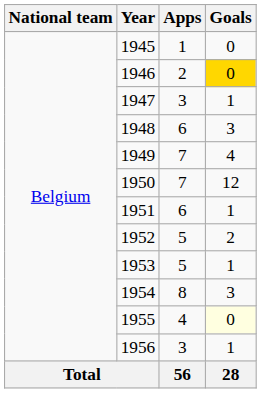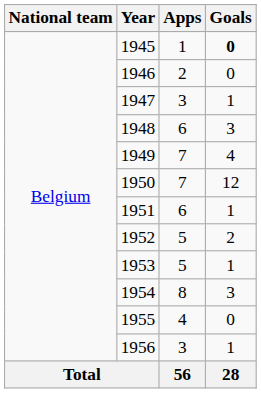 <table class="wikitable" style="text-align:center">
 <tr>
 <th>National team</th>
 <th>Year</th>
 <th>Apps</th>
 <th>Goals</th>
 </tr>
 <tr>
 <td rowspan="12"><a href='#'>Belgium</a></td>
 <td>1945</td>
 <td>1</td>
-<td>0</td>
+<td><strong>0</strong></td>
 </tr>
 <tr>
 <td>1946</td>
 <td>2</td>
-<td style="background: gold;">0</td>
+<td>0</td>
 </tr>
 <tr>
 <td>1947</td>
 <td>3</td>
 <td>1</td>
 </tr>
 <tr>
 <td>1948</td>
 <td>6</td>
 <td>3</td>
 </tr>
 <tr>
 <td>1949</td>
 <td>7</td>
 <td>4</td>
 </tr>
 <tr>
 <td>1950</td>
 <td>7</td>
 <td>12</td>
 </tr>
 <tr>
 <td>1951</td>
 <td>6</td>
 <td>1</td>
 </tr>
 <tr>
 <td>1952</td>
 <td>5</td>
 <td>2</td>
 </tr>
 <tr>
 <td>1953</td>
 <td>5</td>
 <td>1</td>
 </tr>
 <tr>
 <td>1954</td>
 <td>8</td>
 <td>3</td>
 </tr>
 <tr>
 <td>1955</td>
 <td>4</td>
-<td style="background: lightyellow;">0</td>
+<td>0</td>
 </tr>
 <tr>
 <td>1956</td>
 <td>3</td>
 <td>1</td>
 </tr>
 <tr>
 <th colspan="2">Total</th>
 <th>56</th>
 <th>28</th>
 </tr>
 </table>
